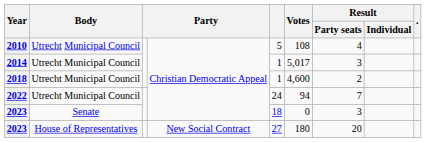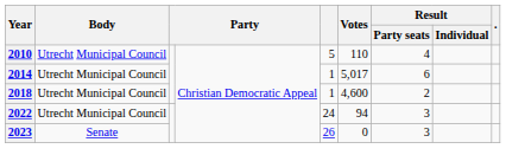 <table class="wikitable plainrowheaders sortable" border=2 cellpadding=4 cellspacing=0 style="border: 1px #aaa solid; font-size: 90%; text-align:center;">
 <tr>
 <th scope="col" rowspan=2>Year</th>
 <th scope="col" rowspan=2>Body</th>
 <th scope="col" colspan=2 rowspan=2>Party</th>
 <th scope="col" rowspan=2></th>
 <th scope="col" rowspan=2>Votes</th>
 <th scope="colgroup" colspan=2>Result</th>
 <th scope="col" rowspan=2 class="unsortable">.</th>
 </tr>
 <tr>
 <th scope="col">Party seats</th>
 <th scope="col">Individual</th>
 </tr>
 <tr>
 <th scope="row"><a href='#'>2010</a></th>
 <td><a href='#'>Utrecht</a> <a href='#'>Municipal Council</a></td>
 <td rowspan=3 style="background-color:"></td>
 <td rowspan=5><a href='#'>Christian Democratic Appeal</a></td>
 <td style=text-align:right>5</td>
-<td style=text-align:right>108</td>
+<td style=text-align:right>110</td>
 <td style=text-align:right>4</td>
 <td></td>
 <td></td>
 </tr>
 <tr>
 <th scope="row"><a href='#'>2014</a></th>
 <td>Utrecht Municipal Council</td>
 <td style=text-align:right>1</td>
 <td style=text-align:right>5,017</td>
-<td style=text-align:right>3</td>
+<td style=text-align:right>6</td>
 <td></td>
 <td></td>
 </tr>
 <tr>
 <th scope="row"><a href='#'>2018</a></th>
 <td>Utrecht Municipal Council</td>
 <td style=text-align:right>1</td>
 <td style=text-align:right>4,600</td>
 <td style=text-align:right>2</td>
 <td></td>
 <td></td>
 </tr>
 <tr>
 <th scope="row"><a href='#'>2022</a></th>
 <td>Utrecht Municipal Council</td>
 <td rowspan=2 style="background-color:"></td>
 <td style=text-align:right>24</td>
 <td style=text-align:right>94</td>
-<td style=text-align:right>7</td>
+<td style=text-align:right>3</td>
 <td></td>
 <td></td>
 </tr>
 <tr>
 <th scope="row"><a href='#'>2023</a></th>
 <td><a href='#'>Senate</a></td>
-<td style=text-align:right><a href='#'>18</a></td>
+<td style=text-align:right><a href='#'>26</a></td>
 <td style=text-align:right>0</td>
 <td style=text-align:right>3</td>
 <td></td>
 <td></td>
 </tr>
-<tr>
-<th scope="row"><a href='#'>2023</a></th>
-<td><a href='#'>House of Representatives</a></td>
-<td style="background-color:"></td>
-<td><a href='#'>New Social Contract</a></td>
-<td style=text-align:right><a href='#'>27</a></td>
-<td style=text-align:right>180</td>
-<td style=text-align:right>20</td>
-<td></td>
-<td></td>
-</tr>
 </table>
